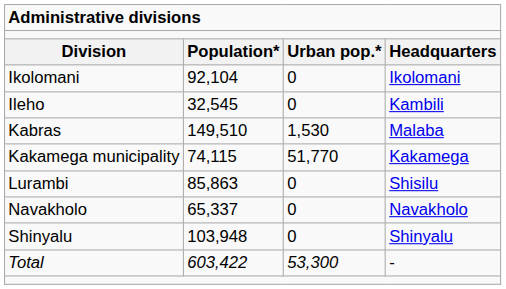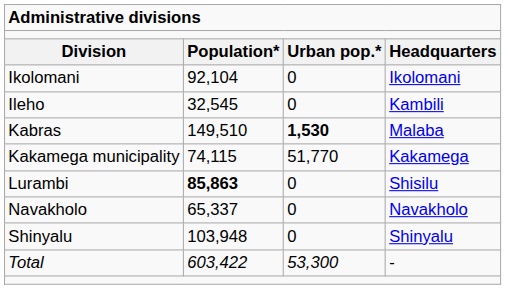 <table class="wikitable">
 <tr>
 <td colspan="4"><strong>Administrative divisions</strong></td>
 </tr>
 <tr>
 <td colspan="4"></td>
 </tr>
 <tr>
 <th>Division</th>
 <th>Population*</th>
 <th>Urban pop.*</th>
 <th>Headquarters</th>
 </tr>
 <tr>
 <td>Ikolomani</td>
 <td>92,104</td>
 <td>0</td>
 <td><a href='#'>Ikolomani</a></td>
 </tr>
 <tr>
 <td>Ileho</td>
 <td>32,545</td>
 <td>0</td>
 <td><a href='#'>Kambili</a></td>
 </tr>
 <tr>
 <td>Kabras</td>
 <td>149,510</td>
-<td>1,530</td>
+<td><strong>1,530</strong></td>
 <td><a href='#'>Malaba</a></td>
 </tr>
 <tr>
 <td>Kakamega municipality</td>
 <td>74,115</td>
 <td>51,770</td>
 <td><a href='#'>Kakamega</a></td>
 </tr>
 <tr>
 <td>Lurambi</td>
-<td>85,863</td>
+<td><strong>85,863</strong></td>
 <td>0</td>
 <td><a href='#'>Shisilu</a></td>
 </tr>
 <tr>
 <td>Navakholo</td>
 <td>65,337</td>
 <td>0</td>
 <td><a href='#'>Navakholo</a></td>
 </tr>
 <tr>
 <td>Shinyalu</td>
 <td>103,948</td>
 <td>0</td>
 <td><a href='#'>Shinyalu</a></td>
 </tr>
 <tr>
 <td><em>Total</em></td>
 <td><em>603,422</em></td>
 <td><em>53,300</em></td>
 <td>-</td>
 </tr>
 <tr>
 <td colspan="4"></td>
 </tr>
 </table>
